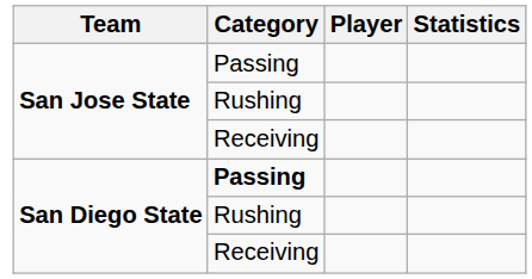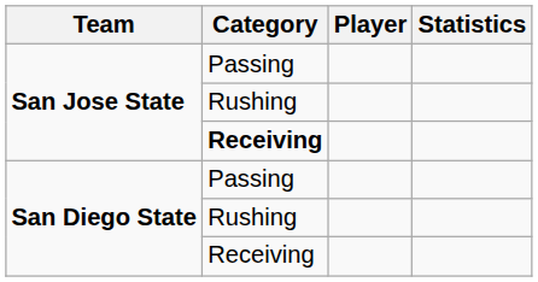 <table class="wikitable" style="float: right;">
 <tr>
 <th>Team</th>
 <th>Category</th>
 <th>Player</th>
 <th>Statistics</th>
 </tr>
 <tr>
 <td rowspan=3><strong>San Jose State</strong></td>
 <td>Passing</td>
 <td></td>
 <td></td>
 </tr>
 <tr>
 <td>Rushing</td>
 <td></td>
 <td></td>
 </tr>
 <tr>
-<td>Receiving</td>
+<td><strong>Receiving</strong></td>
 <td></td>
 <td></td>
 </tr>
 <tr>
 <td rowspan=3><strong>San Diego State</strong></td>
-<td><strong>Passing</strong></td>
+<td>Passing</td>
 <td></td>
 <td></td>
 </tr>
 <tr>
 <td>Rushing</td>
 <td></td>
 <td></td>
 </tr>
 <tr>
 <td>Receiving</td>
 <td></td>
 <td></td>
 </tr>
 </table>
